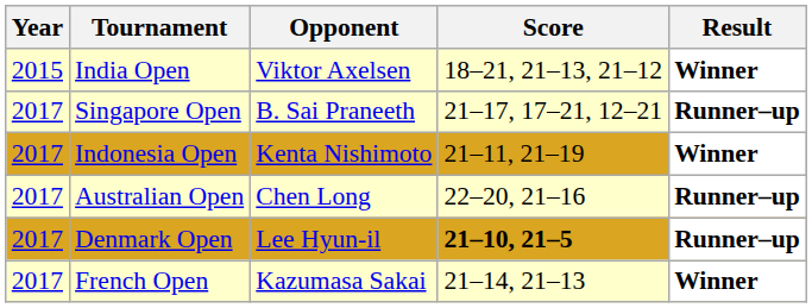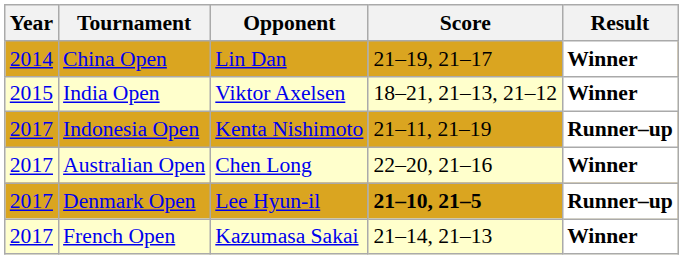 <table class="sortable wikitable" style="font-size: 90%;">
 <tr>
 <th>Year</th>
 <th>Tournament</th>
 <th>Opponent</th>
 <th>Score</th>
 <th>Result</th>
 </tr>
+<tr style="background:#DAA520">
+<td align="center"><a href='#'>2014</a></td>
+<td align="left"><a href='#'>China Open</a></td>
+<td align="left"> <a href='#'>Lin Dan</a></td>
+<td align="left">21–19, 21–17</td>
+<td style="text–align:left; background:white"> <strong>Winner</strong></td>
+</tr>
 <tr style="background:#FFFFCC">
 <td align="center"><a href='#'>2015</a></td>
 <td align="left"><a href='#'>India Open</a></td>
 <td align="left"> <a href='#'>Viktor Axelsen</a></td>
 <td align="left">18–21, 21–13, 21–12</td>
 <td style="text–align:left; background:white"> <strong>Winner</strong></td>
 </tr>
-<tr style="background:#FFFFCC">
-<td align="center"><a href='#'>2017</a></td>
-<td align="left"><a href='#'>Singapore Open</a></td>
-<td align="left"> <a href='#'>B. Sai Praneeth</a></td>
-<td align="left">21–17, 17–21, 12–21</td>
-<td style="text–align:left; background:white"> <strong>Runner–up</strong></td>
-</tr>
 <tr style="background:#DAA520">
 <td align="center"><a href='#'>2017</a></td>
 <td align="left"><a href='#'>Indonesia Open</a></td>
 <td align="left"> <a href='#'>Kenta Nishimoto</a></td>
 <td align="left">21–11, 21–19</td>
-<td style="text–align:left; background:white"> <strong>Winner</strong></td>
+<td style="text–align:left; background:white"> <strong>Runner–up</strong></td>
 </tr>
 <tr style="background:#FFFFCC">
 <td align="center"><a href='#'>2017</a></td>
 <td align="left"><a href='#'>Australian Open</a></td>
 <td align="left"> <a href='#'>Chen Long</a></td>
 <td align="left">22–20, 21–16</td>
-<td style="text–align:left; background:white"> <strong>Runner–up</strong></td>
+<td style="text–align:left; background:white"> <strong>Winner</strong></td>
 </tr>
 <tr style="background:#DAA520">
 <td align="center"><a href='#'>2017</a></td>
 <td align="left"><a href='#'>Denmark Open</a></td>
 <td align="left"> <a href='#'>Lee Hyun-il</a></td>
 <td align="left"><strong>21–10, 21–5</strong></td>
 <td style="text–align:left; background:white"> <strong>Runner–up</strong></td>
 </tr>
 <tr style="background:#FFFFCC">
 <td align="center"><a href='#'>2017</a></td>
 <td align="left"><a href='#'>French Open</a></td>
 <td align="left"> <a href='#'>Kazumasa Sakai</a></td>
 <td align="left">21–14, 21–13</td>
 <td style="text–align:left; background:white"> <strong>Winner</strong></td>
 </tr>
 </table>
